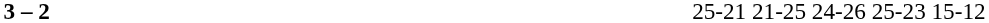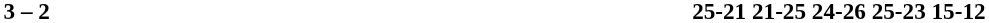 <table width=100% cellspacing=1>
 <tr>
 <th width=20%></th>
 <th width=12%></th>
 <th width=20%></th>
 <th width=33%></th>
 <td></td>
 </tr>
 <tr style=font-size:90%>
 <td align=right><strong></strong></td>
 <td align=center><strong>3 – 2</strong></td>
 <td></td>
-<td>25-21 21-25 24-26 25-23 15-12</td>
+<td><strong>25-21 21-25 24-26 25-23 15-12</strong></td>
 </tr>
 </table>
